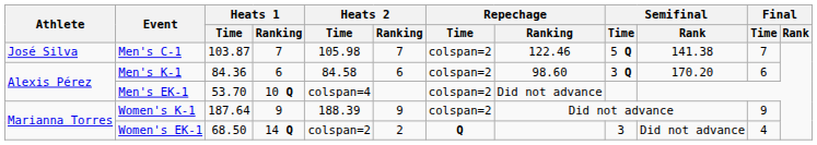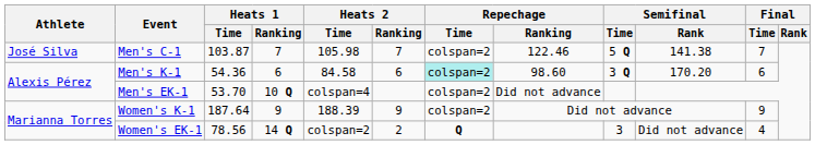 <table class="wikitable" style="font-size:90%;text-align:center">
 <tr>
 <th rowspan=2>Athlete</th>
 <th rowspan=2>Event</th>
 <th colspan=2>Heats 1</th>
 <th colspan=2>Heats 2</th>
 <th colspan=2>Repechage</th>
 <th colspan=2>Semifinal</th>
 <th colspan=2>Final</th>
 </tr>
 <tr style=font-size:95%>
 <th>Time</th>
 <th>Ranking</th>
 <th>Time</th>
 <th>Ranking</th>
 <th>Time</th>
 <th>Ranking</th>
 <th>Time</th>
 <th>Rank</th>
 <th>Time</th>
 <th>Rank</th>
 </tr>
 <tr>
 <td style="text-align:left"><a href='#'>José Silva</a></td>
 <td style="text-align:left"><a href='#'>Men's C-1</a></td>
 <td>103.87</td>
 <td>7</td>
 <td>105.98</td>
 <td>7</td>
 <td>colspan=2 </td>
 <td>122.46</td>
 <td>5 <strong>Q</strong></td>
 <td>141.38</td>
 <td>7</td>
 </tr>
 <tr>
 <td style="text-align:left" rowspan=2><a href='#'>Alexis Pérez</a></td>
 <td style="text-align:left"><a href='#'>Men's K-1</a></td>
-<td>84.36</td>
+<td>54.36</td>
 <td>6</td>
 <td>84.58</td>
 <td>6</td>
-<td>colspan=2 </td>
+<td style="background: paleturquoise;">colspan=2 </td>
 <td>98.60</td>
 <td>3 <strong>Q</strong></td>
 <td>170.20</td>
 <td>6</td>
 </tr>
 <tr>
 <td align=left><a href='#'>Men's EK-1</a></td>
 <td>53.70</td>
 <td>10 <strong>Q</strong></td>
 <td>colspan=4 </td>
 <td></td>
 <td>colspan=2 </td>
 <td>Did not advance</td>
 <td></td>
 </tr>
 <tr>
 <td style="text-align:left" rowspan=2><a href='#'>Marianna Torres</a></td>
 <td style="text-align:left"><a href='#'>Women's K-1</a></td>
 <td>187.64</td>
 <td>9</td>
 <td>188.39</td>
 <td>9</td>
 <td>colspan=2 </td>
 <td colspan=3>Did not advance</td>
 <td>9</td>
 </tr>
 <tr>
 <td align=left><a href='#'>Women's EK-1</a></td>
-<td>68.50</td>
+<td>78.56</td>
 <td>14 <strong>Q</strong></td>
 <td>colspan=2 </td>
 <td>2</td>
 <td><strong>Q</strong></td>
 <td></td>
 <td>3</td>
 <td>Did not advance</td>
 <td>4</td>
 </tr>
 </table>
